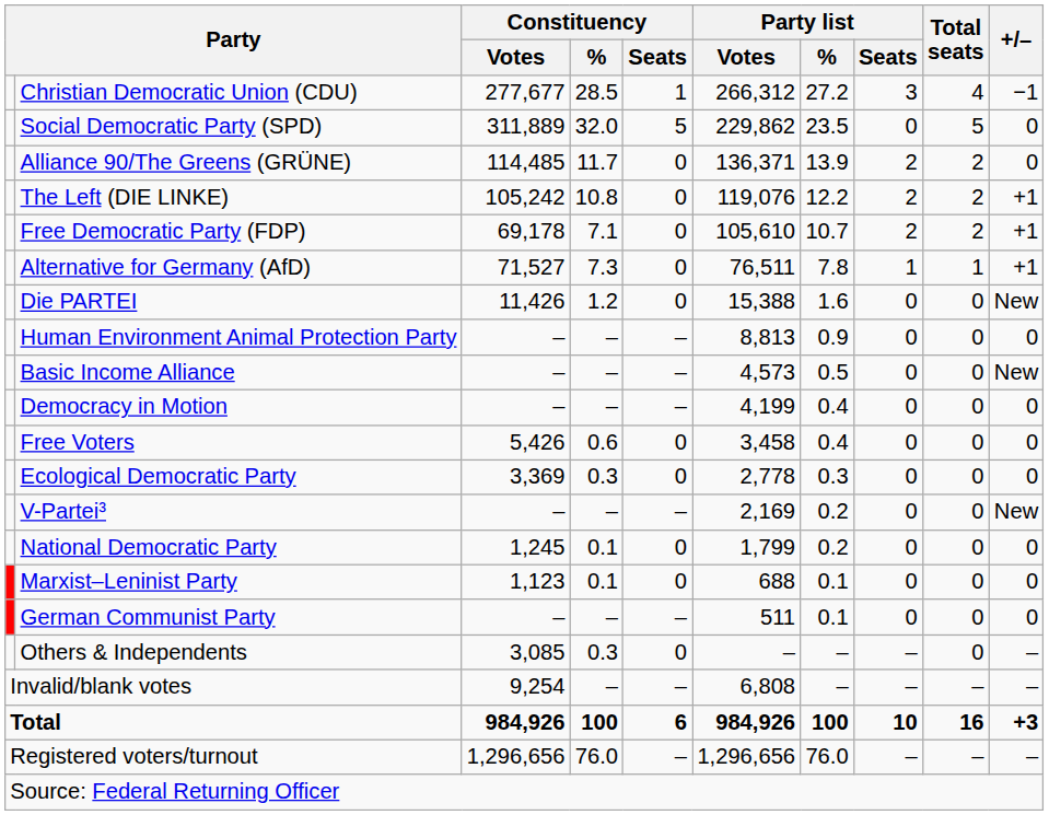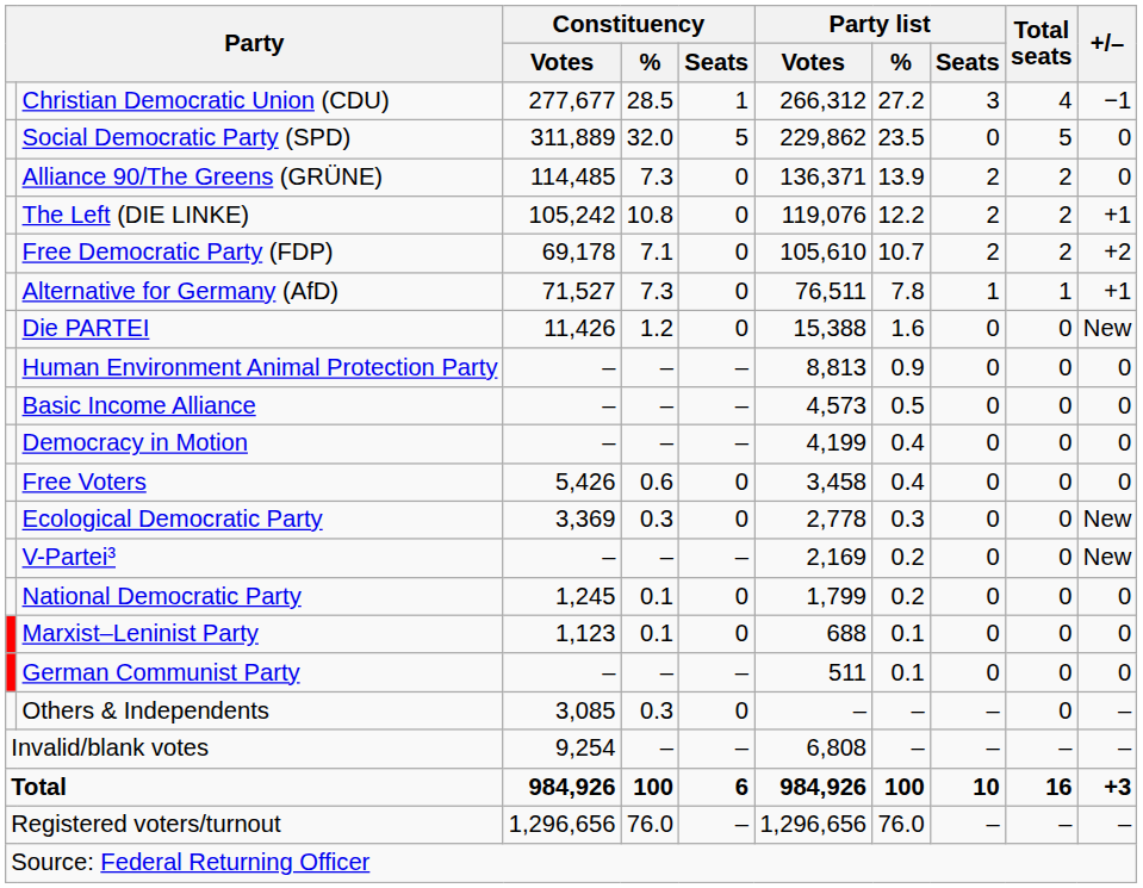 <table class="wikitable" style="text-align:right">
 <tr>
 <th colspan="2" rowspan="2">Party</th>
 <th colspan="3">Constituency</th>
 <th colspan="3">Party list</th>
 <th rowspan="2">Total<br>seats</th>
 <th rowspan="2">+/–</th>
 </tr>
 <tr>
 <th>Votes</th>
 <th>%</th>
 <th>Seats</th>
 <th>Votes</th>
 <th>%</th>
 <th>Seats</th>
 </tr>
 <tr>
 <td></td>
 <td align="left"><a href='#'>Christian Democratic Union</a> (CDU)</td>
 <td>277,677</td>
 <td>28.5</td>
 <td>1</td>
 <td>266,312</td>
 <td>27.2</td>
 <td>3</td>
 <td>4</td>
 <td>−1</td>
 </tr>
 <tr>
 <td></td>
 <td align="left"><a href='#'>Social Democratic Party</a> (SPD)</td>
 <td>311,889</td>
 <td>32.0</td>
 <td>5</td>
 <td>229,862</td>
 <td>23.5</td>
 <td>0</td>
 <td>5</td>
 <td>0</td>
 </tr>
 <tr>
 <td></td>
 <td align="left"><a href='#'>Alliance 90/The Greens</a> (GRÜNE)</td>
 <td>114,485</td>
-<td>11.7</td>
+<td>7.3</td>
 <td>0</td>
 <td>136,371</td>
 <td>13.9</td>
 <td>2</td>
 <td>2</td>
 <td>0</td>
 </tr>
 <tr>
 <td></td>
 <td align="left"><a href='#'>The Left</a> (DIE LINKE)</td>
 <td>105,242</td>
 <td>10.8</td>
 <td>0</td>
 <td>119,076</td>
 <td>12.2</td>
 <td>2</td>
 <td>2</td>
 <td>+1</td>
 </tr>
 <tr>
 <td></td>
 <td align="left"><a href='#'>Free Democratic Party</a> (FDP)</td>
 <td>69,178</td>
 <td>7.1</td>
 <td>0</td>
 <td>105,610</td>
 <td>10.7</td>
 <td>2</td>
 <td>2</td>
-<td>+1</td>
+<td>+2</td>
 </tr>
 <tr>
 <td></td>
 <td align="left"><a href='#'>Alternative for Germany</a> (AfD)</td>
 <td>71,527</td>
 <td>7.3</td>
 <td>0</td>
 <td>76,511</td>
 <td>7.8</td>
 <td>1</td>
 <td>1</td>
 <td>+1</td>
 </tr>
 <tr>
 <td style="background-color:"></td>
 <td align="left"><a href='#'>Die PARTEI</a></td>
 <td>11,426</td>
 <td>1.2</td>
 <td>0</td>
 <td>15,388</td>
 <td>1.6</td>
 <td>0</td>
 <td>0</td>
 <td>New</td>
 </tr>
 <tr>
 <td style="background-color:"></td>
 <td align="left"><a href='#'>Human Environment Animal Protection Party</a></td>
 <td>–</td>
 <td>–</td>
 <td>–</td>
 <td>8,813</td>
 <td>0.9</td>
 <td>0</td>
 <td>0</td>
 <td>0</td>
 </tr>
 <tr>
 <td style="background-color:"></td>
 <td align="left"><a href='#'>Basic Income Alliance</a></td>
 <td>–</td>
 <td>–</td>
 <td>–</td>
 <td>4,573</td>
 <td>0.5</td>
 <td>0</td>
 <td>0</td>
-<td>New</td>
+<td>0</td>
 </tr>
 <tr>
 <td></td>
 <td align="left"><a href='#'>Democracy in Motion</a></td>
 <td>–</td>
 <td>–</td>
 <td>–</td>
 <td>4,199</td>
 <td>0.4</td>
 <td>0</td>
 <td>0</td>
 <td>0</td>
 </tr>
 <tr>
 <td style="background-color:"></td>
 <td align="left"><a href='#'>Free Voters</a></td>
 <td>5,426</td>
 <td>0.6</td>
 <td>0</td>
 <td>3,458</td>
 <td>0.4</td>
 <td>0</td>
 <td>0</td>
 <td>0</td>
 </tr>
 <tr>
 <td style="background-color:"></td>
 <td align="left"><a href='#'>Ecological Democratic Party</a></td>
 <td>3,369</td>
 <td>0.3</td>
 <td>0</td>
 <td>2,778</td>
 <td>0.3</td>
 <td>0</td>
 <td>0</td>
-<td>0</td>
+<td>New</td>
 </tr>
 <tr>
 <td style="background-color:"></td>
 <td align="left"><a href='#'>V-Partei³</a></td>
 <td>–</td>
 <td>–</td>
 <td>–</td>
 <td>2,169</td>
 <td>0.2</td>
 <td>0</td>
 <td>0</td>
 <td>New</td>
 </tr>
 <tr>
 <td style="background-color:"></td>
 <td align="left"><a href='#'>National Democratic Party</a></td>
 <td>1,245</td>
 <td>0.1</td>
 <td>0</td>
 <td>1,799</td>
 <td>0.2</td>
 <td>0</td>
 <td>0</td>
 <td>0</td>
 </tr>
 <tr>
 <td style="background-color:red"></td>
 <td align="left"><a href='#'>Marxist–Leninist Party</a></td>
 <td>1,123</td>
 <td>0.1</td>
 <td>0</td>
 <td>688</td>
 <td>0.1</td>
 <td>0</td>
 <td>0</td>
 <td>0</td>
 </tr>
 <tr>
 <td style="background-color:red"></td>
 <td align="left"><a href='#'>German Communist Party</a></td>
 <td>–</td>
 <td>–</td>
 <td>–</td>
 <td>511</td>
 <td>0.1</td>
 <td>0</td>
 <td>0</td>
 <td>0</td>
 </tr>
 <tr>
 <td></td>
 <td align="left">Others & Independents</td>
 <td>3,085</td>
 <td>0.3</td>
 <td>0</td>
 <td>–</td>
 <td>–</td>
 <td>–</td>
 <td>0</td>
 <td>–</td>
 </tr>
 <tr>
 <td colspan="2" align="left">Invalid/blank votes</td>
 <td>9,254</td>
 <td>–</td>
 <td>–</td>
 <td>6,808</td>
 <td>–</td>
 <td>–</td>
 <td>–</td>
 <td>–</td>
 </tr>
 <tr>
 <td colspan="2" align="left"><strong>Total</strong></td>
 <td><strong>984,926</strong></td>
 <td><strong>100</strong></td>
 <td><strong>6</strong></td>
 <td><strong>984,926</strong></td>
 <td><strong>100</strong></td>
 <td><strong>10</strong></td>
 <td><strong>16</strong></td>
 <td><strong>+3</strong></td>
 </tr>
 <tr>
 <td colspan="2" align="left">Registered voters/turnout</td>
 <td>1,296,656</td>
 <td>76.0</td>
 <td>–</td>
 <td>1,296,656</td>
 <td>76.0</td>
 <td>–</td>
 <td>–</td>
 <td>–</td>
 </tr>
 <tr>
 <td colspan="10" align="left">Source: <a href='#'>Federal Returning Officer</a></td>
 </tr>
 </table>
